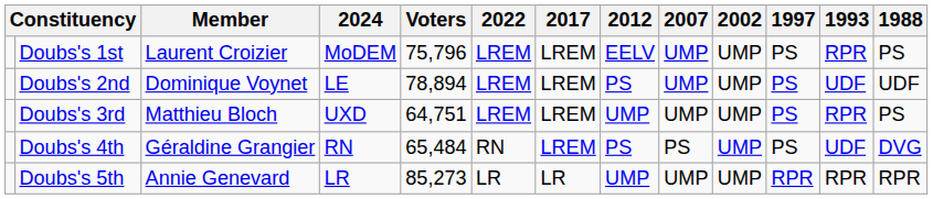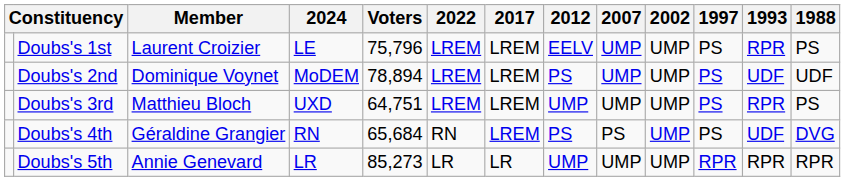 <table class="wikitable sortable">
 <tr>
 <th colspan="2">Constituency</th>
 <th>Member</th>
 <th>2024</th>
 <th>Voters</th>
 <th>2022</th>
 <th>2017</th>
 <th>2012</th>
 <th>2007</th>
 <th>2002</th>
 <th>1997</th>
 <th>1993</th>
 <th>1988</th>
 </tr>
 <tr>
 <td style="background-color: "></td>
 <td><a href='#'>Doubs's 1st</a></td>
 <td><a href='#'>Laurent Croizier</a></td>
-<td><a href='#'>MoDEM</a></td>
+<td bgcolor=><a href='#'>LE</a></td>
 <td>75,796</td>
 <td><a href='#'>LREM</a></td>
 <td>LREM</td>
 <td bgcolor=><a href='#'>EELV</a></td>
 <td bgcolor=><a href='#'>UMP</a></td>
 <td bgcolor=>UMP</td>
 <td bgcolor=>PS</td>
 <td bgcolor=><a href='#'>RPR</a></td>
 <td bgcolor=>PS</td>
 </tr>
 <tr>
 <td style="background-color: "></td>
 <td><a href='#'>Doubs's 2nd</a></td>
 <td><a href='#'>Dominique Voynet</a></td>
-<td bgcolor=><a href='#'>LE</a></td>
+<td><a href='#'>MoDEM</a></td>
 <td>78,894</td>
 <td><a href='#'>LREM</a></td>
 <td>LREM</td>
 <td bgcolor=><a href='#'>PS</a></td>
 <td bgcolor=><a href='#'>UMP</a></td>
 <td bgcolor=>UMP</td>
 <td bgcolor=><a href='#'>PS</a></td>
 <td bgcolor=><a href='#'>UDF</a></td>
 <td bgcolor=>UDF</td>
 </tr>
 <tr>
 <td style="background-color: "></td>
 <td><a href='#'>Doubs's 3rd</a></td>
 <td><a href='#'>Matthieu Bloch</a></td>
 <td><a href='#'>UXD</a></td>
 <td>64,751</td>
 <td><a href='#'>LREM</a></td>
 <td>LREM</td>
 <td bgcolor=><a href='#'>UMP</a></td>
 <td bgcolor=>UMP</td>
 <td bgcolor=>UMP</td>
 <td bgcolor=><a href='#'>PS</a></td>
 <td bgcolor=><a href='#'>RPR</a></td>
 <td bgcolor=>PS</td>
 </tr>
 <tr>
 <td style="background-color: "></td>
 <td><a href='#'>Doubs's 4th</a></td>
 <td><a href='#'>Géraldine Grangier</a></td>
 <td><a href='#'>RN</a></td>
-<td>65,484</td>
+<td>65,684</td>
 <td>RN</td>
 <td><a href='#'>LREM</a></td>
 <td bgcolor=><a href='#'>PS</a></td>
 <td bgcolor=>PS</td>
 <td bgcolor=><a href='#'>UMP</a></td>
 <td bgcolor=>PS</td>
 <td bgcolor=><a href='#'>UDF</a></td>
 <td bgcolor=><a href='#'>DVG</a></td>
 </tr>
 <tr>
 <td style="background-color: "></td>
 <td><a href='#'>Doubs's 5th</a></td>
 <td><a href='#'>Annie Genevard</a></td>
 <td><a href='#'>LR</a></td>
 <td>85,273</td>
 <td>LR</td>
 <td>LR</td>
 <td bgcolor=><a href='#'>UMP</a></td>
 <td bgcolor=>UMP</td>
 <td bgcolor=>UMP</td>
 <td bgcolor=><a href='#'>RPR</a></td>
 <td bgcolor=>RPR</td>
 <td bgcolor=>RPR</td>
 </tr>
 </table>
